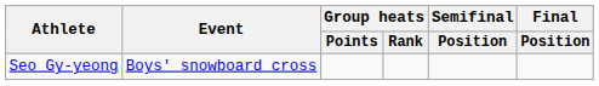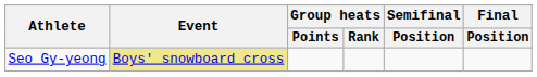 <table class="wikitable" style="font-size:90%">
 <tr>
 <th rowspan="2">Athlete</th>
 <th rowspan="2">Event</th>
 <th colspan=2>Group heats</th>
 <th>Semifinal</th>
 <th>Final</th>
 </tr>
 <tr style="font-size:95%">
 <th>Points</th>
 <th>Rank</th>
 <th>Position</th>
 <th>Position</th>
 </tr>
 <tr align=center>
 <td align=left><a href='#'>Seo Gy-yeong</a></td>
-<td align=left><a href='#'>Boys' snowboard cross</a></td>
+<td align=left style="background: khaki;"><a href='#'>Boys' snowboard cross</a></td>
 <td></td>
 <td></td>
 <td></td>
 <td></td>
 </tr>
 </table>
